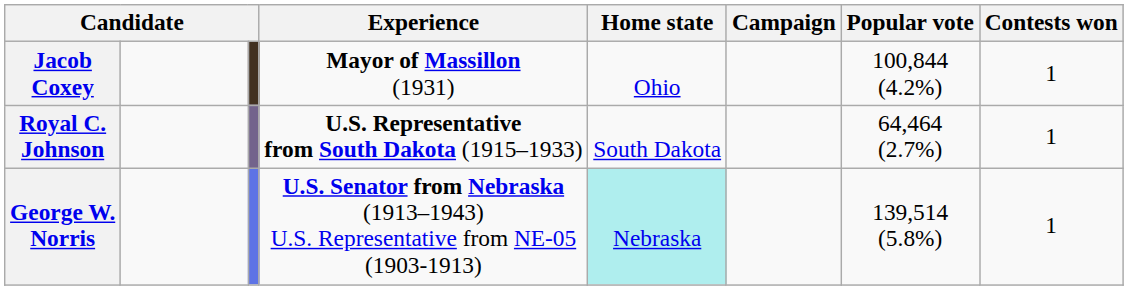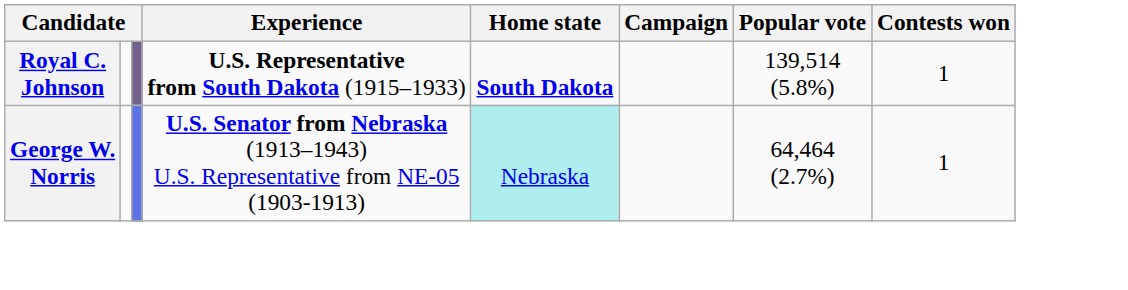 <table class="wikitable sortable" style="text-align:center;">
 <tr>
 <th colspan="3">Candidate</th>
 <th class="unsortable">Experience</th>
 <th>Home state</th>
 <th data-sort-type="date">Campaign</th>
 <th>Popular vote</th>
 <th>Contests won</th>
 </tr>
 <tr>
-<th data-sort-="Hoover"><a href='#'>Jacob</a><br><a href='#'>Coxey</a></th>
-<td style="min-width:80px;"></td>
-<td style="background:#423121;"></td>
-<td><strong>Mayor of <a href='#'>Massillon</a></strong><br>(1931)</td>
-<td><br><a href='#'>Ohio</a></td>
-<td></td>
-<td>100,844<br>(4.2%)</td>
-<td>1</td>
-</tr>
-<tr>
 <th><a href='#'>Royal C.</a><br><a href='#'>Johnson</a></th>
 <td></td>
 <td style="background:#73638c;"></td>
 <td><strong>U.S. Representative</strong><br><strong>from <a href='#'>South Dakota</a></strong> (1915–1933)</td>
-<td><br><a href='#'>South Dakota</a></td>
+<td><strong><br><a href='#'>South Dakota</a></strong></td>
 <td></td>
-<td>64,464<br>(2.7%)</td>
+<td>139,514<br>(5.8%)</td>
 <td>1</td>
 </tr>
 <tr>
 <th><a href='#'>George W.</a><br><a href='#'>Norris</a></th>
 <td></td>
 <td style="background:#5d73e5;"></td>
 <td><strong><a href='#'>U.S. Senator</a> from <a href='#'>Nebraska</a></strong><br>(1913–1943)<br><a href='#'>U.S. Representative</a> from <a href='#'>NE-05</a><br>(1903-1913)</td>
 <td style="background: paleturquoise;"><br><a href='#'>Nebraska</a></td>
 <td></td>
-<td>139,514<br>(5.8%)</td>
+<td>64,464<br>(2.7%)</td>
 <td>1</td>
 </tr>
 </table>
